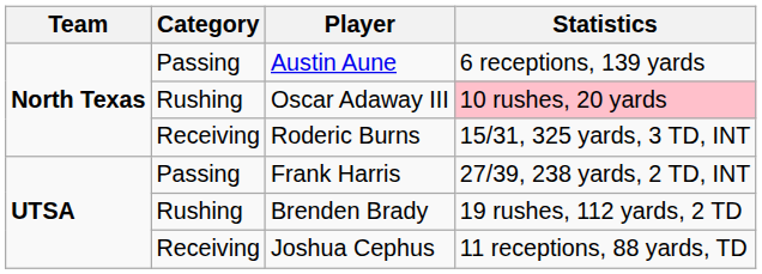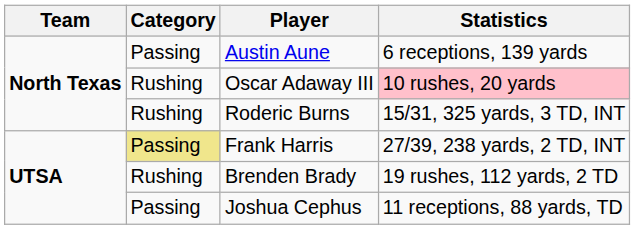 <table class="wikitable" style="float: left;">
 <tr>
 <th>Team</th>
 <th>Category</th>
 <th>Player</th>
 <th>Statistics</th>
 </tr>
 <tr>
 <td rowspan=3><strong>North Texas</strong></td>
 <td>Passing</td>
 <td><a href='#'>Austin Aune</a></td>
 <td>6 receptions, 139 yards</td>
 </tr>
 <tr>
 <td>Rushing</td>
 <td>Oscar Adaway III</td>
 <td style="background: pink;">10 rushes, 20 yards</td>
 </tr>
 <tr>
-<td>Receiving</td>
+<td>Rushing</td>
 <td>Roderic Burns</td>
 <td>15/31, 325 yards, 3 TD, INT</td>
 </tr>
 <tr>
 <td rowspan=3><strong>UTSA</strong></td>
-<td>Passing</td>
+<td style="background: khaki;">Passing</td>
 <td>Frank Harris</td>
 <td>27/39, 238 yards, 2 TD, INT</td>
 </tr>
 <tr>
 <td>Rushing</td>
 <td>Brenden Brady</td>
 <td>19 rushes, 112 yards, 2 TD</td>
 </tr>
 <tr>
-<td>Receiving</td>
+<td>Passing</td>
 <td>Joshua Cephus</td>
 <td>11 receptions, 88 yards, TD</td>
 </tr>
 </table>
